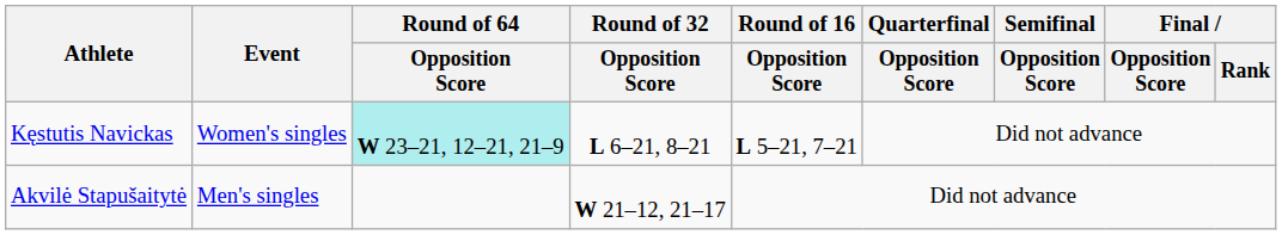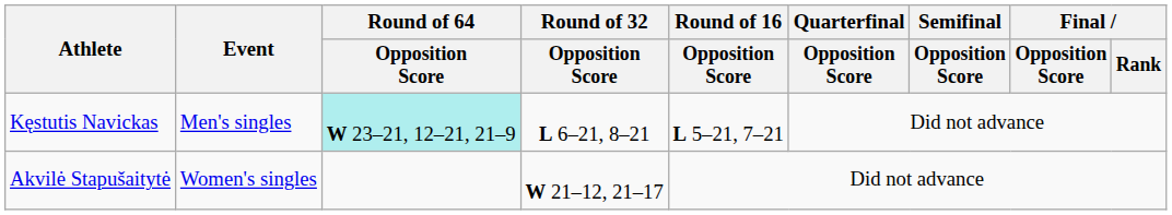 <table class=wikitable style="font-size:90%">
 <tr>
 <th rowspan="2">Athlete</th>
 <th rowspan="2">Event</th>
 <th>Round of 64</th>
 <th>Round of 32</th>
 <th>Round of 16</th>
 <th>Quarterfinal</th>
 <th>Semifinal</th>
 <th colspan=2>Final / </th>
 </tr>
 <tr style="font-size:95%">
 <th>Opposition<br>Score</th>
 <th>Opposition<br>Score</th>
 <th>Opposition<br>Score</th>
 <th>Opposition<br>Score</th>
 <th>Opposition<br>Score</th>
 <th>Opposition<br>Score</th>
 <th>Rank</th>
 </tr>
 <tr align=center>
 <td align=left><a href='#'>Kęstutis Navickas</a></td>
-<td align=left><a href='#'>Women's singles</a></td>
+<td align=left><a href='#'>Men's singles</a></td>
 <td style="background: paleturquoise;"><br><strong>W</strong> 23–21, 12–21, 21–9</td>
 <td><br><strong>L</strong> 6–21, 8–21</td>
 <td><br><strong>L</strong> 5–21, 7–21</td>
 <td colspan=4>Did not advance</td>
 </tr>
 <tr align=center>
 <td align=left><a href='#'>Akvilė Stapušaitytė</a></td>
-<td align=left><a href='#'>Men's singles</a></td>
+<td align=left><a href='#'>Women's singles</a></td>
 <td></td>
 <td><br><strong>W</strong> 21–12, 21–17</td>
 <td colspan=5>Did not advance</td>
 </tr>
 </table>
